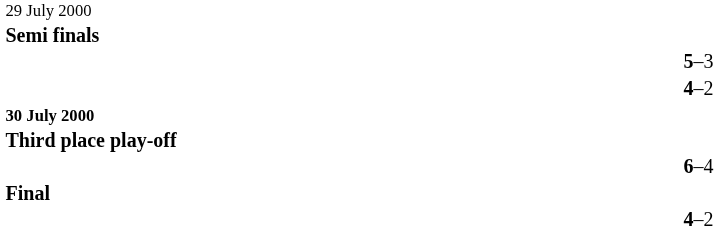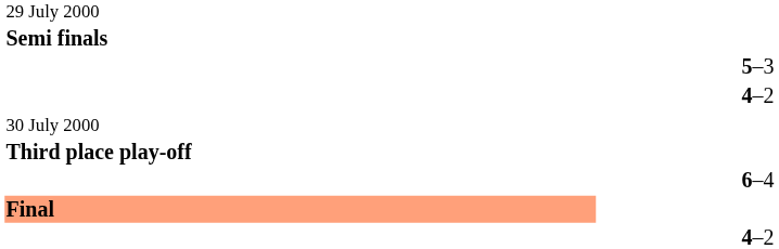 <table width=100% cellspacing=1>
 <tr>
 <th width=22%></th>
 <th width=12%></th>
 <th></th>
 </tr>
 <tr>
 <td><small>29 July 2000</small></td>
 </tr>
 <tr>
 <td><strong>Semi finals</strong></td>
 </tr>
 <tr>
 <td align=right><strong></strong></td>
 <td align=center><strong>5</strong>–3</td>
 <td></td>
 </tr>
 <tr>
 <td align=right><strong></strong></td>
 <td align=center><strong>4</strong>–2</td>
 <td></td>
 </tr>
 <tr>
-<td><strong><small>30 July 2000</small></strong></td>
+<td><small>30 July 2000</small></td>
 </tr>
 <tr>
 <td><strong>Third place play-off</strong></td>
 </tr>
 <tr>
 <td align=right><strong></strong></td>
 <td align=center><strong>6</strong>–4</td>
 <td></td>
 </tr>
 <tr>
-<td><strong>Final</strong></td>
+<td style="background: lightsalmon;"><strong>Final</strong></td>
 </tr>
 <tr>
 <td align=right><strong></strong></td>
 <td align=center><strong>4</strong>–2</td>
 <td></td>
 </tr>
 </table>
